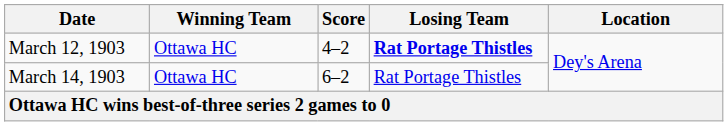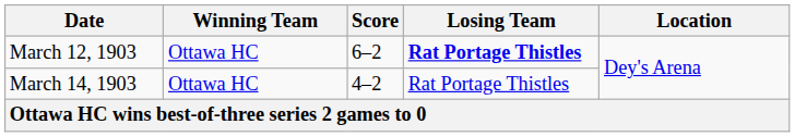 <table class="wikitable">
 <tr>
 <th width="120">Date</th>
 <th width="140">Winning Team</th>
 <th width="5">Score</th>
 <th width="150">Losing Team</th>
 <th width="145">Location</th>
 </tr>
 <tr>
 <td>March 12, 1903</td>
 <td><a href='#'>Ottawa HC</a></td>
-<td>4–2</td>
+<td>6–2</td>
 <td><strong><a href='#'>Rat Portage Thistles</a></strong></td>
 <td rowspan="2"><a href='#'>Dey's Arena</a></td>
 </tr>
 <tr>
 <td>March 14, 1903</td>
 <td><a href='#'>Ottawa HC</a></td>
-<td>6–2</td>
+<td>4–2</td>
 <td><a href='#'>Rat Portage Thistles</a></td>
 </tr>
 <tr>
 <th colspan="5" style="text-align:left;">Ottawa HC wins best-of-three series 2 games to 0</th>
 </tr>
 </table>
